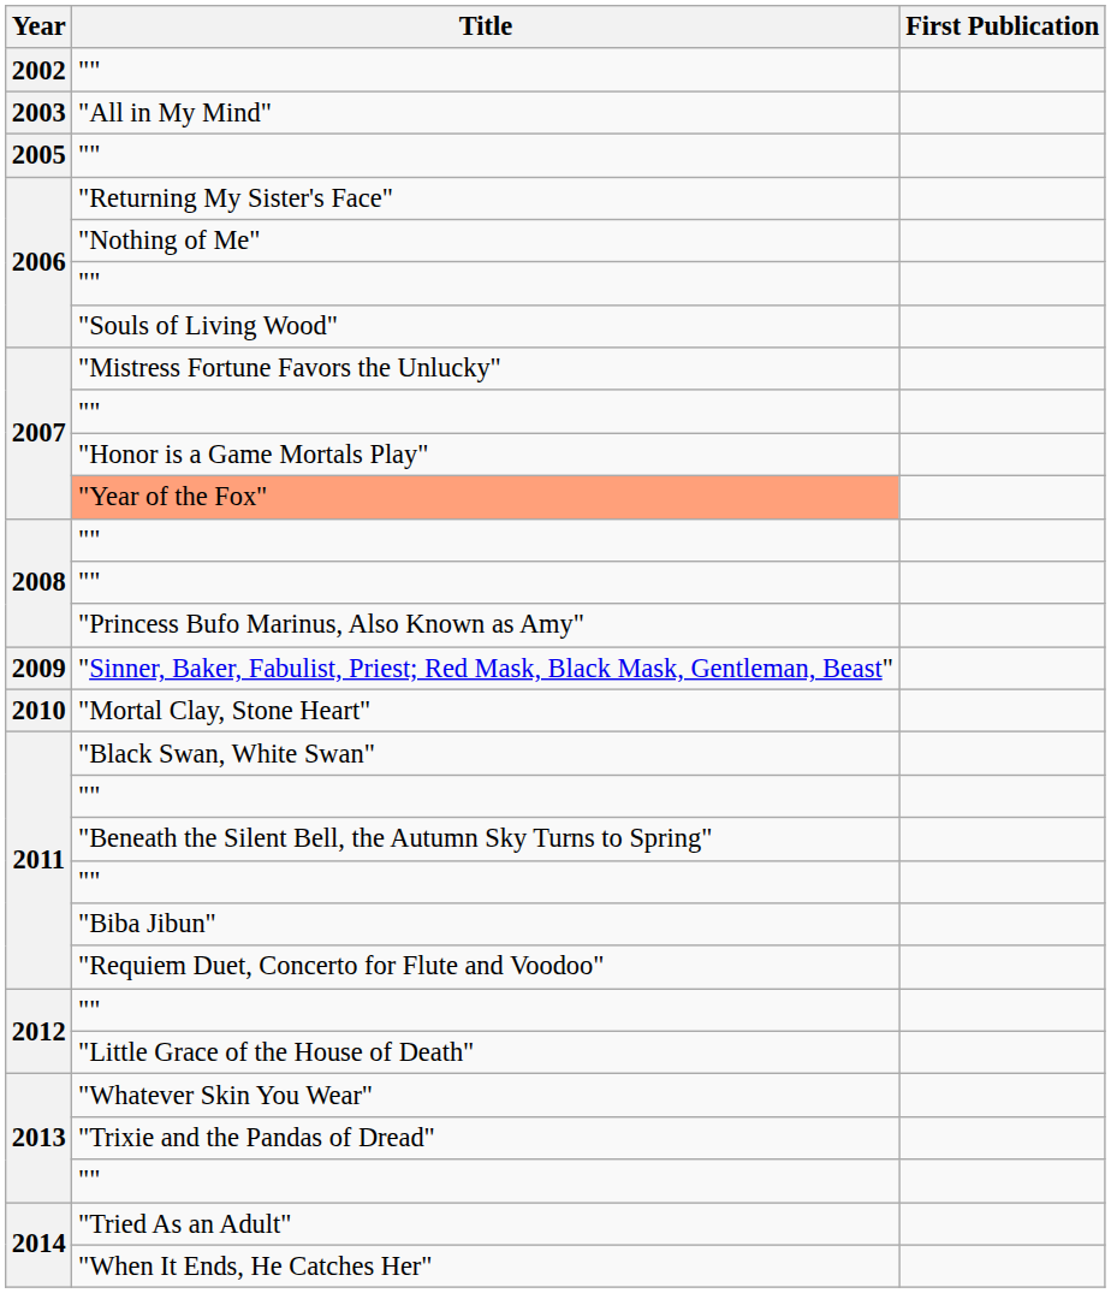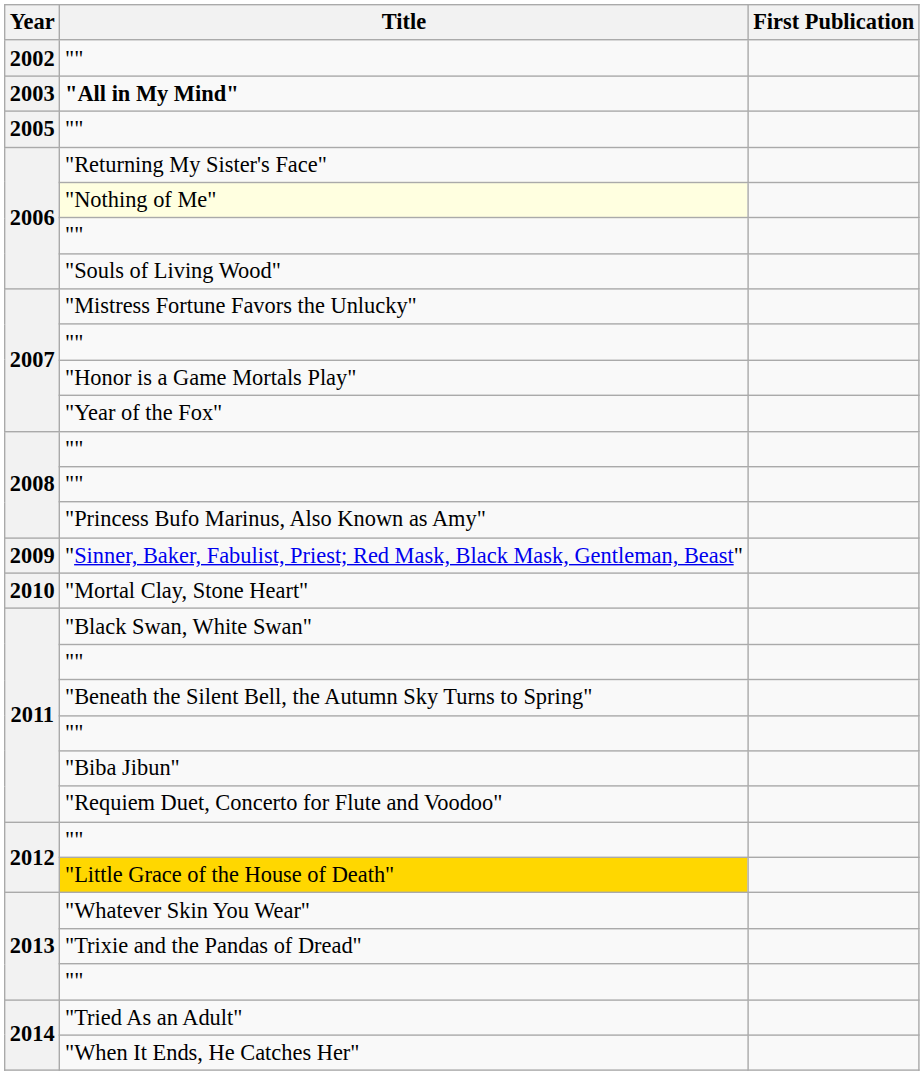 <table class="wikitable">
 <tr>
 <th>Year</th>
 <th>Title</th>
 <th>First Publication</th>
 </tr>
 <tr>
 <th>2002</th>
 <td>""</td>
 <td></td>
 </tr>
 <tr>
 <th>2003</th>
-<td>"All in My Mind"</td>
+<td><strong>"All in My Mind"</strong></td>
 <td></td>
 </tr>
 <tr>
 <th>2005</th>
 <td>""</td>
 <td></td>
 </tr>
 <tr>
 <th rowspan="4">2006</th>
 <td>"Returning My Sister's Face"</td>
 <td></td>
 </tr>
 <tr>
-<td>"Nothing of Me"</td>
+<td style="background: lightyellow;">"Nothing of Me"</td>
 <td></td>
 </tr>
 <tr>
 <td>""</td>
 <td></td>
 </tr>
 <tr>
 <td>"Souls of Living Wood"</td>
 <td></td>
 </tr>
 <tr>
 <th rowspan="4">2007</th>
 <td>"Mistress Fortune Favors the Unlucky"</td>
 <td></td>
 </tr>
 <tr>
 <td>""</td>
 <td></td>
 </tr>
 <tr>
 <td>"Honor is a Game Mortals Play"</td>
 <td></td>
 </tr>
 <tr>
-<td style="background: lightsalmon;">"Year of the Fox"</td>
+<td>"Year of the Fox"</td>
 <td></td>
 </tr>
 <tr>
 <th rowspan="3">2008</th>
 <td>""</td>
 <td></td>
 </tr>
 <tr>
 <td>""</td>
 <td></td>
 </tr>
 <tr>
 <td>"Princess Bufo Marinus, Also Known as Amy"</td>
 <td></td>
 </tr>
 <tr>
 <th>2009</th>
 <td>"<a href='#'>Sinner, Baker, Fabulist, Priest; Red Mask, Black Mask, Gentleman, Beast</a>"</td>
 <td></td>
 </tr>
 <tr>
 <th>2010</th>
 <td>"Mortal Clay, Stone Heart"</td>
 <td></td>
 </tr>
 <tr>
 <th rowspan="6">2011</th>
 <td>"Black Swan, White Swan"</td>
 <td></td>
 </tr>
 <tr>
 <td>""</td>
 <td></td>
 </tr>
 <tr>
 <td>"Beneath the Silent Bell, the Autumn Sky Turns to Spring"</td>
 <td></td>
 </tr>
 <tr>
 <td>""</td>
 <td></td>
 </tr>
 <tr>
 <td>"Biba Jibun"</td>
 <td></td>
 </tr>
 <tr>
 <td>"Requiem Duet, Concerto for Flute and Voodoo"</td>
 <td></td>
 </tr>
 <tr>
 <th rowspan="2">2012</th>
 <td>""</td>
 <td></td>
 </tr>
 <tr>
-<td>"Little Grace of the House of Death"</td>
+<td style="background: gold;">"Little Grace of the House of Death"</td>
 <td></td>
 </tr>
 <tr>
 <th rowspan="3">2013</th>
 <td>"Whatever Skin You Wear"</td>
 <td></td>
 </tr>
 <tr>
 <td>"Trixie and the Pandas of Dread"</td>
 <td></td>
 </tr>
 <tr>
 <td>""</td>
 <td></td>
 </tr>
 <tr>
 <th rowspan="2">2014</th>
 <td>"Tried As an Adult"</td>
 <td></td>
 </tr>
 <tr>
 <td>"When It Ends, He Catches Her"</td>
 <td></td>
 </tr>
 </table>
